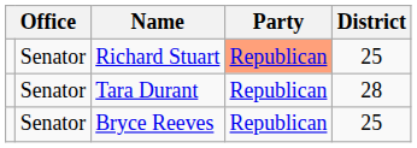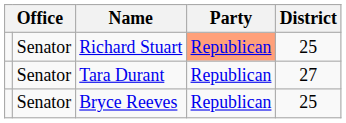 <table class=wikitable>
 <tr>
 <th colspan="2"  style="text-align:center; vertical-align:bottom;">Office</th>
 <th style="text-align:center;">Name</th>
 <th valign=bottom>Party</th>
 <th style="vertical-align:bottom; text-align:center;">District</th>
 </tr>
 <tr>
 <td style="background-color:"></td>
 <td>Senator</td>
 <td><a href='#'>Richard Stuart</a></td>
 <td style="background: lightsalmon; text-align:center;"><a href='#'>Republican</a></td>
 <td style="text-align:center;">25</td>
 </tr>
 <tr>
 <td style="background-color:"></td>
 <td>Senator</td>
 <td><a href='#'>Tara Durant</a></td>
 <td style="text-align:center;"><a href='#'>Republican</a></td>
-<td style="text-align:center;">28</td>
+<td style="text-align:center;">27</td>
 </tr>
 <tr>
 <td style="background-color:"></td>
 <td>Senator</td>
 <td><a href='#'>Bryce Reeves</a></td>
 <td style="text-align:center;"><a href='#'>Republican</a></td>
 <td style="text-align:center;">25</td>
 </tr>
 </table>
